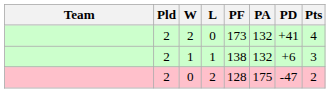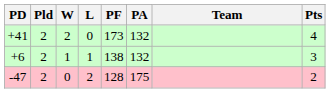 <table class="wikitable" style="text-align:center;">
 <tr>
-<th width=175>Team</th>
+<th width=25  abbr="Points Difference">PD</th>
 <th width=20  abbr="Played">Pld</th>
 <th width=20  abbr="Won">W</th>
 <th width=20  abbr="Lost">L</th>
 <th width=20  abbr="Points">PF</th>
 <th width=20  abbr="Points Against">PA</th>
-<th width=25  abbr="Points Difference">PD</th>
+<th width=175>Team</th>
 <th width=20  abbr="Points">Pts</th>
 </tr>
 <tr bgcolor="ccffcc">
-<td style="text-align:left"></td>
+<td>+41</td>
 <td>2</td>
 <td>2</td>
 <td>0</td>
 <td>173</td>
 <td>132</td>
-<td>+41</td>
+<td style="text-align:left"></td>
 <td>4</td>
 </tr>
 <tr bgcolor="ccffcc">
-<td style="text-align:left"></td>
+<td>+6</td>
 <td>2</td>
 <td>1</td>
 <td>1</td>
 <td>138</td>
 <td>132</td>
-<td>+6</td>
+<td style="text-align:left"></td>
 <td>3</td>
 </tr>
 <tr bgcolor="pink">
-<td style="text-align:left"></td>
+<td>-47</td>
 <td>2</td>
 <td>0</td>
 <td>2</td>
 <td>128</td>
 <td>175</td>
-<td>-47</td>
+<td style="text-align:left"></td>
 <td>2</td>
 </tr>
 </table>
